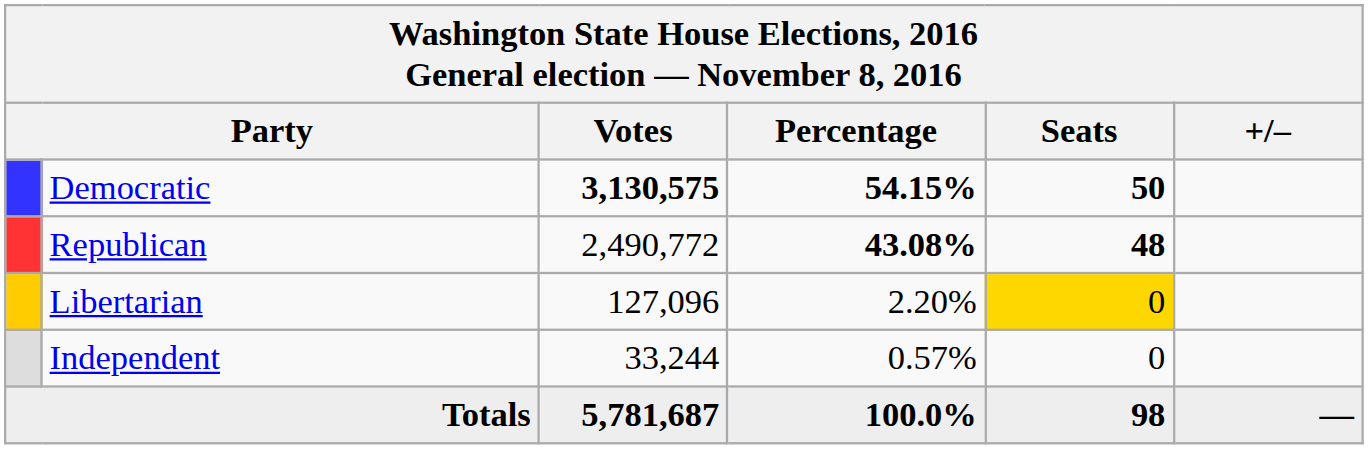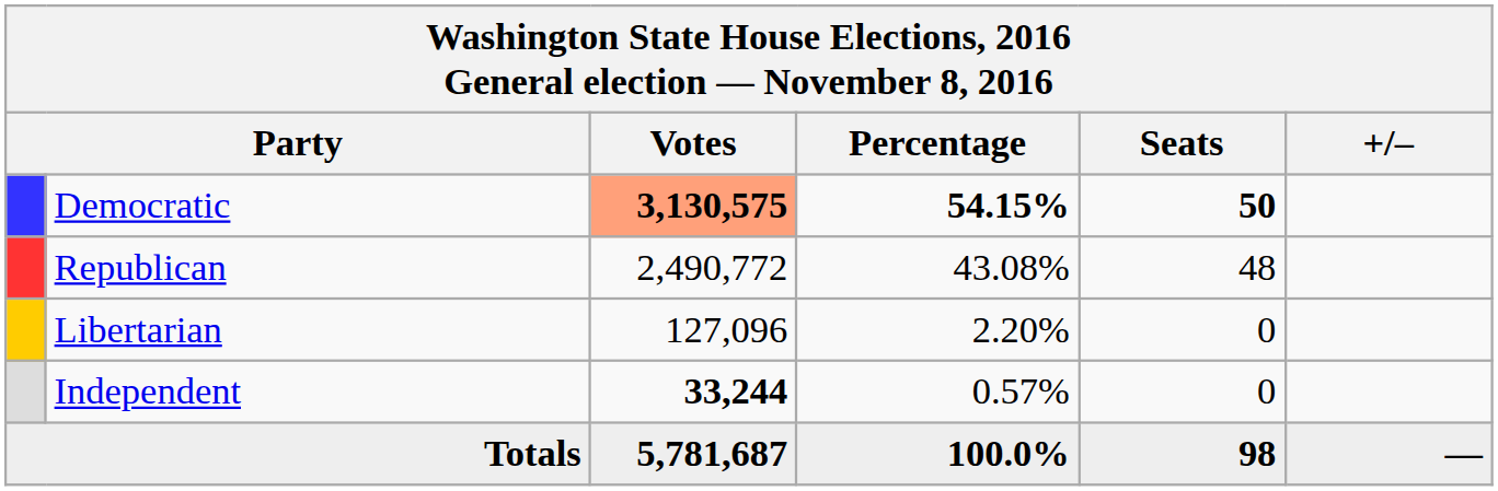 <table class="wikitable" style="font-size:95%;">
 <tr>
 <th colspan="6">Washington State House Elections, 2016<br>General election — November 8, 2016</th>
 </tr>
 <tr>
 <th colspan="2" style="width: 15em">Party</th>
 <th style="width: 5em">Votes</th>
 <th style="width: 7em">Percentage</th>
 <th style="width: 5em">Seats</th>
 <th style="width: 5em">+/–</th>
 </tr>
 <tr>
 <th style="background-color:#3333FF; width: 3px"></th>
 <td style="width: 130px"><a href='#'>Democratic</a></td>
-<td align="right"><strong>3,130,575</strong></td>
+<td align="right" style="background: lightsalmon;"><strong>3,130,575</strong></td>
 <td align="right"><strong>54.15%</strong></td>
 <td align="right"><strong>50</strong></td>
 <td align="right"></td>
 </tr>
 <tr>
 <th style="background-color:#FF3333; width: 3px"></th>
 <td style="width: 130px"><a href='#'>Republican</a></td>
 <td align="right">2,490,772</td>
-<td align="right"><strong>43.08%</strong></td>
-<td align="right"><strong>48</strong></td>
+<td align="right">43.08%</td>
+<td align="right">48</td>
 <td align="right"></td>
 </tr>
 <tr>
 <th style="background-color:#FC0; width: 3px"></th>
 <td style="width: 130px"><a href='#'>Libertarian</a></td>
 <td align="right">127,096</td>
 <td align="right">2.20%</td>
-<td align="right" style="background: gold;">0</td>
+<td align="right">0</td>
 <td align="right"></td>
 </tr>
 <tr>
 <th style="background-color:#DDDDDD; width: 3px"></th>
 <td style="width: 130px"><a href='#'>Independent</a></td>
-<td align="right">33,244</td>
+<td align="right"><strong>33,244</strong></td>
 <td align="right">0.57%</td>
 <td align="right">0</td>
 <td align="right"></td>
 </tr>
 <tr bgcolor="#EEEEEE">
 <td colspan="2" align="right"><strong>Totals</strong></td>
 <td align="right"><strong>5,781,687</strong></td>
 <td align="right"><strong>100.0%</strong></td>
 <td align="right"><strong>98</strong></td>
 <td align="right"><strong>—</strong></td>
 </tr>
 </table>
